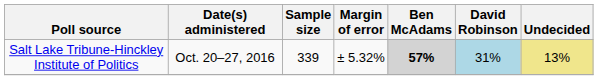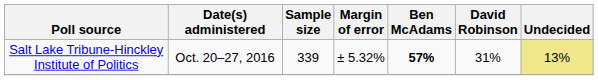 <table class="wikitable" style="font-size:90%;text-align:center;">
 <tr valign= bottom>
 <th style="width:175px;">Poll source</th>
 <th style="width:120px;">Date(s)<br>administered</th>
 <th>Sample<br>size</th>
 <th>Margin<br>of error</th>
 <th style="width:60px;">Ben<br>McAdams</th>
 <th style="width:60px;">David<br>Robinson</th>
 <th>Undecided</th>
 </tr>
 <tr>
 <td align=center><a href='#'>Salt Lake Tribune-Hinckley Institute of Politics</a></td>
 <td align=center>Oct. 20–27, 2016</td>
 <td align=center>339</td>
 <td align=center>± 5.32%</td>
-<td style="background: lightgrey;"><strong>57%</strong></td>
-<td align=center style="background: lightblue;">31%</td>
+<td><strong>57%</strong></td>
+<td align=center>31%</td>
 <td align=center style="background: khaki;">13%</td>
 </tr>
 <tr>
 </tr>
 </table>
